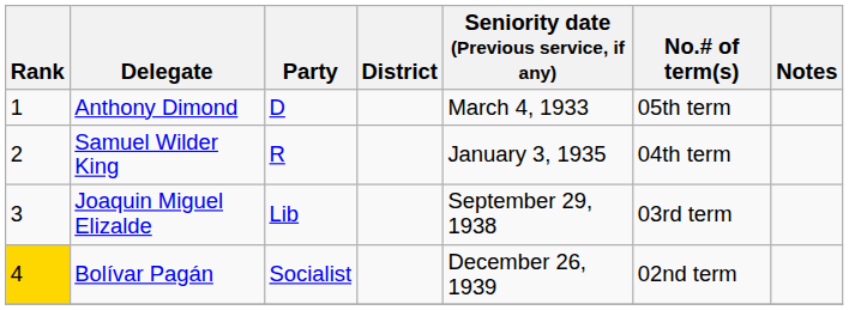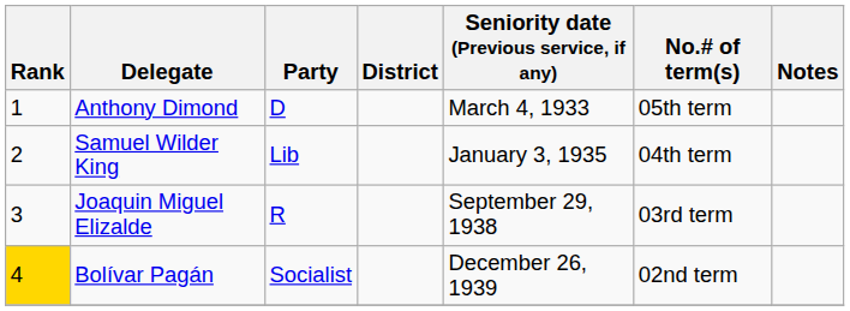 <table class="wikitable sortable">
 <tr valign=bottom>
 <th>Rank</th>
 <th>Delegate</th>
 <th>Party</th>
 <th>District</th>
 <th>Seniority date<br><small>(Previous service, if any)</small><br></th>
 <th>No.# of term(s)</th>
 <th>Notes</th>
 </tr>
 <tr>
 <td>1</td>
 <td><a href='#'>Anthony Dimond</a></td>
 <td><a href='#'>D</a></td>
 <td></td>
 <td>March 4, 1933</td>
 <td>05th term</td>
 <td></td>
 </tr>
 <tr>
 <td>2</td>
 <td><a href='#'>Samuel Wilder King</a></td>
-<td><a href='#'>R</a></td>
+<td><a href='#'>Lib</a></td>
 <td></td>
 <td>January 3, 1935</td>
 <td>04th term</td>
 <td></td>
 </tr>
 <tr>
 <td>3</td>
 <td><a href='#'>Joaquin Miguel Elizalde</a></td>
-<td><a href='#'>Lib</a></td>
+<td><a href='#'>R</a></td>
 <td></td>
 <td>September 29, 1938</td>
 <td>03rd term</td>
 <td></td>
 </tr>
 <tr>
 <td style="background: gold;">4</td>
 <td><a href='#'>Bolívar Pagán</a></td>
 <td><a href='#'>Socialist</a></td>
 <td></td>
 <td>December 26, 1939</td>
 <td>02nd term</td>
 <td></td>
 </tr>
 <tr>
 </tr>
 </table>
